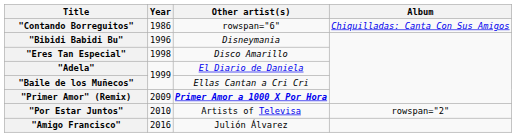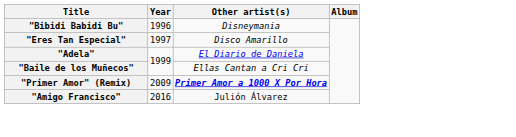 <table class="wikitable plainrowheaders" style="text-align:center">
 <tr>
 <th scope="col" style="width:16em;">Title</th>
 <th scope="col">Year</th>
 <th scope="col">Other artist(s)</th>
 <th scope="col">Album</th>
 </tr>
 <tr>
-<th scope="row">"Contando Borreguitos"</th>
-<td>1986</td>
-<td>rowspan="6" </td>
-<td><em><a href='#'>Chiquilladas: Canta Con Sus Amigos</a></em></td>
-</tr>
-<tr>
 <th scope="row">"Bibidi Babidi Bu"</th>
 <td>1996</td>
 <td><em>Disneymania</em></td>
 </tr>
 <tr>
 <th scope="row">"Eres Tan Especial"</th>
-<td>1998</td>
+<td>1997</td>
 <td><em>Disco Amarillo</em></td>
 </tr>
 <tr>
 <th scope="row">"Adela"</th>
 <td rowspan="2">1999</td>
 <td><em><a href='#'>El Diario de Daniela</a></em></td>
 </tr>
 <tr>
 <th scope="row">"Baile de los Muñecos"</th>
 <td><em>Ellas Cantan a Cri Cri</em></td>
 </tr>
 <tr>
 <th scope="row">"Primer Amor" (Remix)</th>
 <td>2009</td>
 <td><strong><em><a href='#'>Primer Amor a 1000 X Por Hora</a></em></strong></td>
 </tr>
 <tr>
-<th scope="row">"Por Estar Juntos"</th>
-<td>2010</td>
-<td>Artists of <a href='#'>Televisa</a></td>
-<td>rowspan="2" </td>
-</tr>
-<tr>
 <th scope="row">"Amigo Francisco"</th>
 <td>2016</td>
 <td>Julión Álvarez</td>
 </tr>
 </table>
